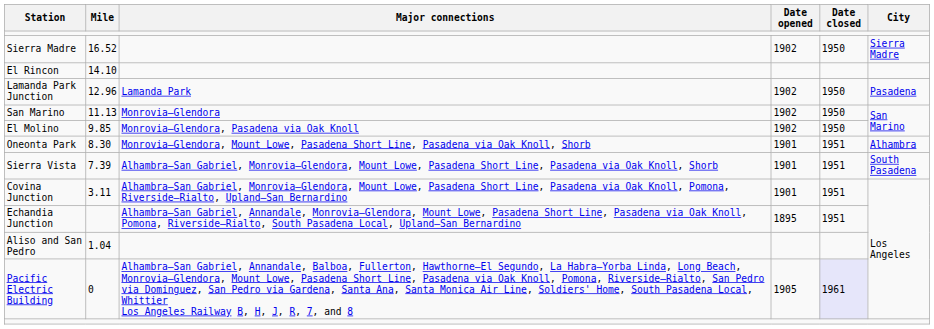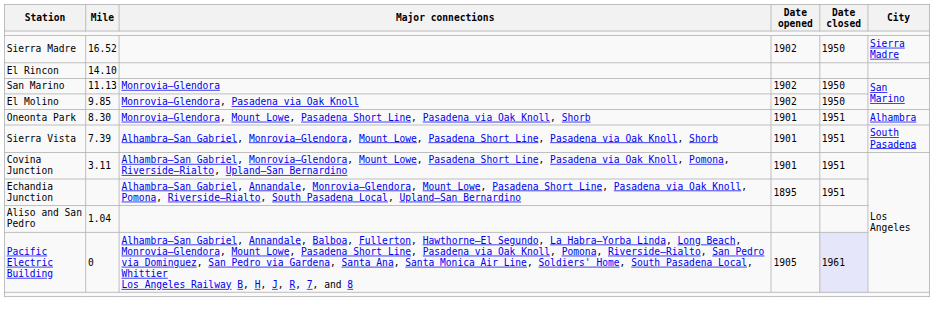 <table class="wikitable">
 <tr>
 <th>Station</th>
 <th>Mile</th>
 <th>Major connections</th>
 <th>Date opened</th>
 <th>Date closed</th>
 <th>City</th>
 </tr>
 <tr>
 <td colspan = "6"></td>
 </tr>
 <tr>
 <td>Sierra Madre</td>
 <td>16.52</td>
 <td></td>
 <td>1902</td>
 <td>1950</td>
 <td rowspan=1><a href='#'>Sierra Madre</a></td>
 </tr>
 <tr>
 <td>El Rincon</td>
 <td>14.10</td>
 <td></td>
 <td></td>
 <td></td>
-</tr>
-<tr>
-<td>Lamanda Park Junction</td>
-<td>12.96</td>
-<td><a href='#'>Lamanda Park</a></td>
-<td>1902</td>
-<td>1950</td>
-<td rowspan=1><a href='#'>Pasadena</a></td>
 </tr>
 <tr>
 <td>San Marino</td>
 <td>11.13</td>
 <td><a href='#'>Monrovia–Glendora</a></td>
 <td>1902</td>
 <td>1950</td>
 <td rowspan=2><a href='#'>San Marino</a></td>
 </tr>
 <tr>
 <td>El Molino</td>
 <td>9.85</td>
 <td><a href='#'>Monrovia–Glendora</a>, <a href='#'>Pasadena via Oak Knoll</a></td>
 <td>1902</td>
 <td>1950</td>
 </tr>
 <tr>
 <td>Oneonta Park</td>
 <td>8.30</td>
 <td><a href='#'>Monrovia–Glendora</a>, <a href='#'>Mount Lowe</a>, <a href='#'>Pasadena Short Line</a>, <a href='#'>Pasadena via Oak Knoll</a>, <a href='#'>Shorb</a></td>
 <td>1901</td>
 <td>1951</td>
 <td rowspan=1><a href='#'>Alhambra</a></td>
 </tr>
 <tr>
 <td>Sierra Vista</td>
 <td>7.39</td>
 <td><a href='#'>Alhambra–San Gabriel</a>, <a href='#'>Monrovia–Glendora</a>, <a href='#'>Mount Lowe</a>, <a href='#'>Pasadena Short Line</a>, <a href='#'>Pasadena via Oak Knoll</a>, <a href='#'>Shorb</a></td>
 <td>1901</td>
 <td>1951</td>
 <td rowspan=1><a href='#'>South Pasadena</a></td>
 </tr>
 <tr>
 <td>Covina Junction</td>
 <td>3.11</td>
 <td><a href='#'>Alhambra–San Gabriel</a>, <a href='#'>Monrovia–Glendora</a>, <a href='#'>Mount Lowe</a>, <a href='#'>Pasadena Short Line</a>, <a href='#'>Pasadena via Oak Knoll</a>, <a href='#'>Pomona</a>, <a href='#'>Riverside–Rialto</a>, <a href='#'>Upland–San Bernardino</a></td>
 <td>1901</td>
 <td>1951</td>
 <td rowspan=4>Los Angeles</td>
 </tr>
 <tr>
 <td>Echandia Junction</td>
 <td></td>
 <td><a href='#'>Alhambra–San Gabriel</a>, <a href='#'>Annandale</a>, <a href='#'>Monrovia–Glendora</a>, <a href='#'>Mount Lowe</a>, <a href='#'>Pasadena Short Line</a>, <a href='#'>Pasadena via Oak Knoll</a>, <a href='#'>Pomona</a>, <a href='#'>Riverside–Rialto</a>, <a href='#'>South Pasadena Local</a>, <a href='#'>Upland–San Bernardino</a></td>
 <td>1895</td>
 <td>1951</td>
 </tr>
 <tr>
 <td>Aliso and San Pedro</td>
 <td>1.04</td>
 <td></td>
 <td></td>
 </tr>
 <tr>
 <td><a href='#'>Pacific Electric Building</a></td>
 <td>0</td>
 <td><a href='#'>Alhambra–San Gabriel</a>, <a href='#'>Annandale</a>, <a href='#'>Balboa</a>, <a href='#'>Fullerton</a>, <a href='#'>Hawthorne–El Segundo</a>, <a href='#'>La Habra–Yorba Linda</a>, <a href='#'>Long Beach</a>, <a href='#'>Monrovia–Glendora</a>, <a href='#'>Mount Lowe</a>, <a href='#'>Pasadena Short Line</a>, <a href='#'>Pasadena via Oak Knoll</a>, <a href='#'>Pomona</a>, <a href='#'>Riverside–Rialto</a>, <a href='#'>San Pedro via Dominguez</a>, <a href='#'>San Pedro via Gardena</a>, <a href='#'>Santa Ana</a>, <a href='#'>Santa Monica Air Line</a>, <a href='#'>Soldiers' Home</a>, <a href='#'>South Pasadena Local</a>, <a href='#'>Whittier</a><br><a href='#'>Los Angeles Railway</a> <a href='#'>B</a>, <a href='#'>H</a>, <a href='#'>J</a>, <a href='#'>R</a>, <a href='#'>7</a>, and <a href='#'>8</a></td>
 <td>1905</td>
 <td style="background: lavender;">1961</td>
 </tr>
 <tr>
 <td colspan = "6"></td>
 </tr>
 </table>
